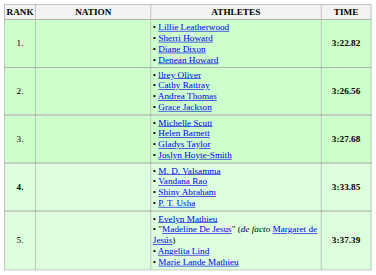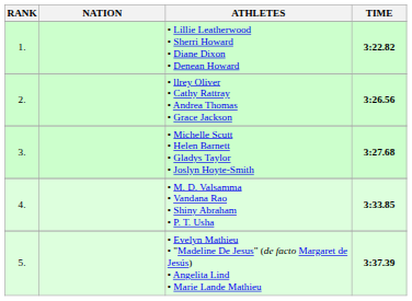 <table class="wikitable" style="border-collapse: collapse; font-size: 90%;">
 <tr>
 <th>RANK</th>
 <th style="width: 12em">NATION</th>
 <th style="width: 18em">ATHLETES</th>
 <th style="width: 5em">TIME</th>
 </tr>
 <tr>
 </tr>
 <tr style="background:#ccffcc;">
 <td align="center">1.</td>
 <td align="center"></td>
 <td>• <a href='#'>Lillie Leatherwood</a><br>• <a href='#'>Sherri Howard</a><br>• <a href='#'>Diane Dixon</a><br>• <a href='#'>Denean Howard</a></td>
 <td align="center"><strong>3:22.82</strong></td>
 </tr>
 <tr>
 </tr>
 <tr style="background:#ccffcc;">
 <td align="center">2.</td>
 <td align="center"></td>
 <td>• <a href='#'>llrey Oliver</a><br>• <a href='#'>Cathy Rattray</a><br>• <a href='#'>Andrea Thomas</a><br>• <a href='#'>Grace Jackson</a></td>
 <td align="center"><strong>3:26.56</strong></td>
 </tr>
 <tr>
 </tr>
 <tr style="background:#ccffcc;">
 <td align="center">3.</td>
 <td align="center"></td>
 <td>• <a href='#'>Michelle Scutt</a><br>• <a href='#'>Helen Barnett</a><br>• <a href='#'>Gladys Taylor</a><br>• <a href='#'>Joslyn Hoyte-Smith</a></td>
 <td align="center"><strong>3:27.68</strong></td>
 </tr>
 <tr>
 </tr>
 <tr style="background:#ddffdd;">
-<td align="center"><strong>4.</strong></td>
+<td align="center">4.</td>
 <td align="center"></td>
 <td>• <a href='#'>M. D. Valsamma</a><br>• <a href='#'>Vandana Rao</a><br>• <a href='#'>Shiny Abraham</a><br>• <a href='#'>P. T. Usha</a></td>
 <td align="center"><strong>3:33.85</strong></td>
 </tr>
 <tr>
 </tr>
 <tr style="background:#ddffdd;">
 <td align="center">5.</td>
 <td align="center"></td>
 <td>• <a href='#'>Evelyn Mathieu</a><br>• "<a href='#'>Madeline De Jesus</a>" (<em>de facto</em> <a href='#'>Margaret de Jesús</a>)<br>• <a href='#'>Angelita Lind</a><br>• <a href='#'>Marie Lande Mathieu</a></td>
 <td align="center"><strong>3:37.39</strong></td>
 </tr>
 </table>
